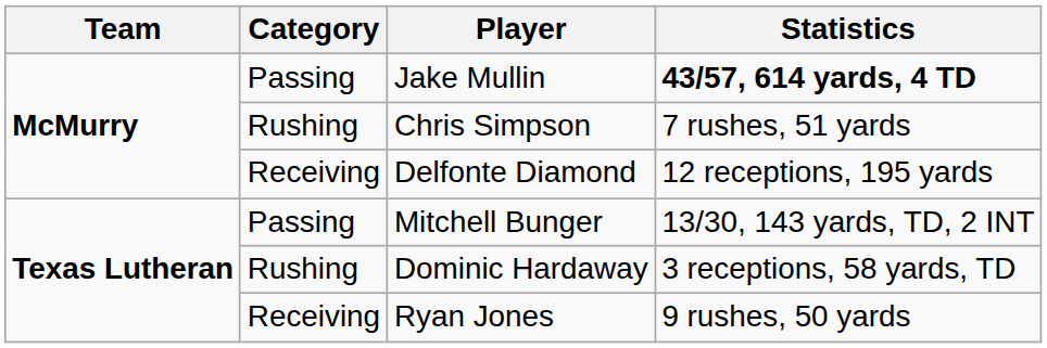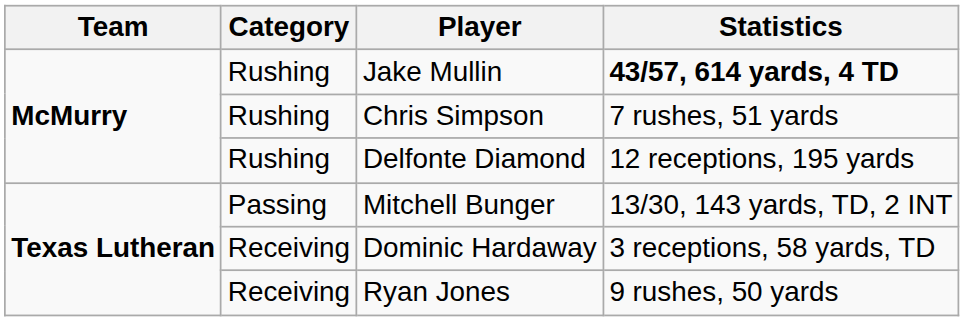 <table class="wikitable" style="float: left;">
 <tr>
 <th>Team</th>
 <th>Category</th>
 <th>Player</th>
 <th>Statistics</th>
 </tr>
 <tr>
 <td rowspan=3><strong>McMurry</strong></td>
-<td>Passing</td>
+<td>Rushing</td>
 <td>Jake Mullin</td>
 <td><strong>43/57, 614 yards, 4 TD</strong></td>
 </tr>
 <tr>
 <td>Rushing</td>
 <td>Chris Simpson</td>
 <td>7 rushes, 51 yards</td>
 </tr>
 <tr>
-<td>Receiving</td>
+<td>Rushing</td>
 <td>Delfonte Diamond</td>
 <td>12 receptions, 195 yards</td>
 </tr>
 <tr>
 <td rowspan=3><strong>Texas Lutheran</strong></td>
 <td>Passing</td>
 <td>Mitchell Bunger</td>
 <td>13/30, 143 yards, TD, 2 INT</td>
 </tr>
 <tr>
-<td>Rushing</td>
+<td>Receiving</td>
 <td>Dominic Hardaway</td>
 <td>3 receptions, 58 yards, TD</td>
 </tr>
 <tr>
 <td>Receiving</td>
 <td>Ryan Jones</td>
 <td>9 rushes, 50 yards</td>
 </tr>
 </table>
